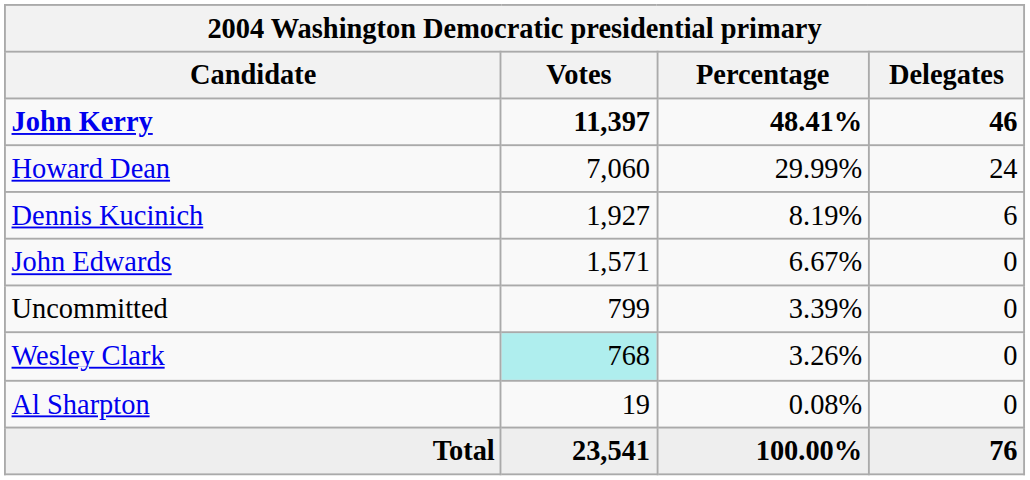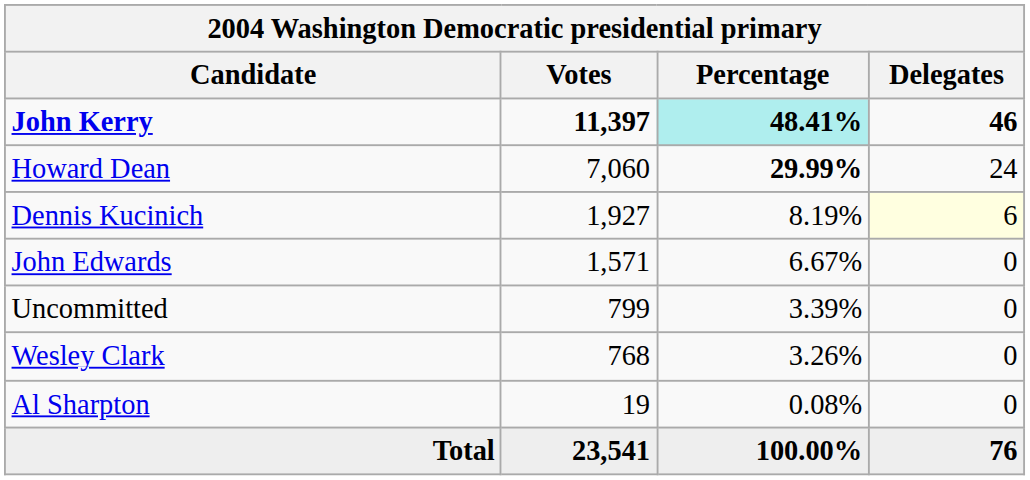 <table class="wikitable sortable" style="font-size: 95%; text-align:right;">
 <tr>
 <th colspan="4">2004 Washington Democratic presidential primary</th>
 </tr>
 <tr>
 <th style="width: 17em">Candidate</th>
 <th style="width: 5em">Votes</th>
 <th style="width: 7em">Percentage</th>
 <th style="width: 5em">Delegates</th>
 </tr>
 <tr>
 <td align="left"><strong><a href='#'>John Kerry</a></strong></td>
 <td><strong>11,397</strong></td>
-<td><strong>48.41%</strong></td>
+<td style="background: paleturquoise;"><strong>48.41%</strong></td>
 <td><strong>46</strong></td>
 </tr>
 <tr>
 <td align="left"><a href='#'>Howard Dean</a></td>
 <td>7,060</td>
-<td>29.99%</td>
+<td><strong>29.99%</strong></td>
 <td>24</td>
 </tr>
 <tr>
 <td align="left"><a href='#'>Dennis Kucinich</a></td>
 <td>1,927</td>
 <td>8.19%</td>
-<td>6</td>
+<td style="background: lightyellow;">6</td>
 </tr>
 <tr>
 <td align="left"><a href='#'>John Edwards</a></td>
 <td>1,571</td>
 <td>6.67%</td>
 <td>0</td>
 </tr>
 <tr>
 <td align="left">Uncommitted</td>
 <td>799</td>
 <td>3.39%</td>
 <td>0</td>
 </tr>
 <tr>
 <td align="left"><a href='#'>Wesley Clark</a></td>
-<td style="background: paleturquoise;">768</td>
+<td>768</td>
 <td>3.26%</td>
 <td>0</td>
 </tr>
 <tr>
 <td align="left"><a href='#'>Al Sharpton</a></td>
 <td>19</td>
 <td>0.08%</td>
 <td>0</td>
 </tr>
 <tr bgcolor="#EEEEEE">
 <td><strong>Total</strong></td>
 <td><strong>23,541</strong></td>
 <td><strong>100.00%</strong></td>
 <td><strong>76</strong></td>
 </tr>
 </table>
